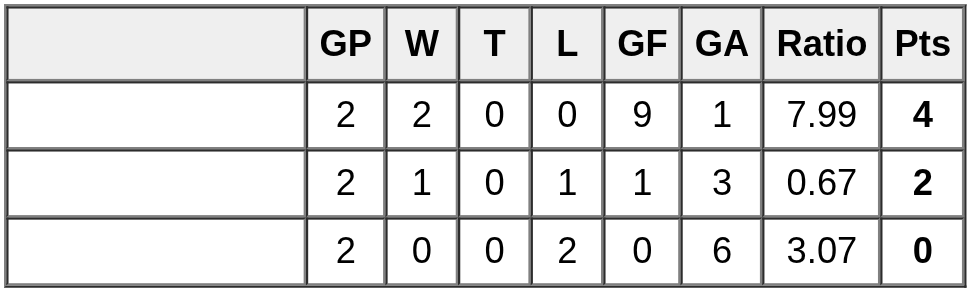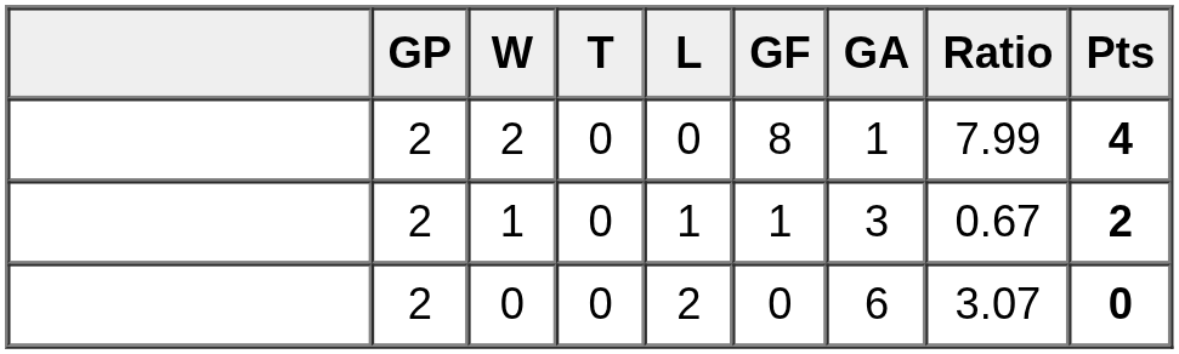 <table border=1 cellpadding=5 cellspacing=0>
 <tr>
 <th bgcolor="#efefef" width="120">　</th>
 <th bgcolor="#efefef" width="20">GP</th>
 <th bgcolor="#efefef" width="20">W</th>
 <th bgcolor="#efefef" width="20">T</th>
 <th bgcolor="#efefef" width="20">L</th>
 <th bgcolor="#efefef" width="20">GF</th>
 <th bgcolor="#efefef" width="20">GA</th>
 <th bgcolor="#efefef" width="20">Ratio</th>
 <th bgcolor="#efefef" width="20">Pts</th>
 </tr>
 <tr align=center>
 <td align=left><strong></strong></td>
 <td>2</td>
 <td>2</td>
 <td>0</td>
 <td>0</td>
-<td>9</td>
+<td>8</td>
 <td>1</td>
 <td>7.99</td>
 <td><strong>4</strong></td>
 </tr>
 <tr align=center>
 <td align=left></td>
 <td>2</td>
 <td>1</td>
 <td>0</td>
 <td>1</td>
 <td>1</td>
 <td>3</td>
 <td>0.67</td>
 <td><strong>2</strong></td>
 </tr>
 <tr align=center>
 <td align=left></td>
 <td>2</td>
 <td>0</td>
 <td>0</td>
 <td>2</td>
 <td>0</td>
 <td>6</td>
 <td>3.07</td>
 <td><strong>0</strong></td>
 </tr>
 </table>
